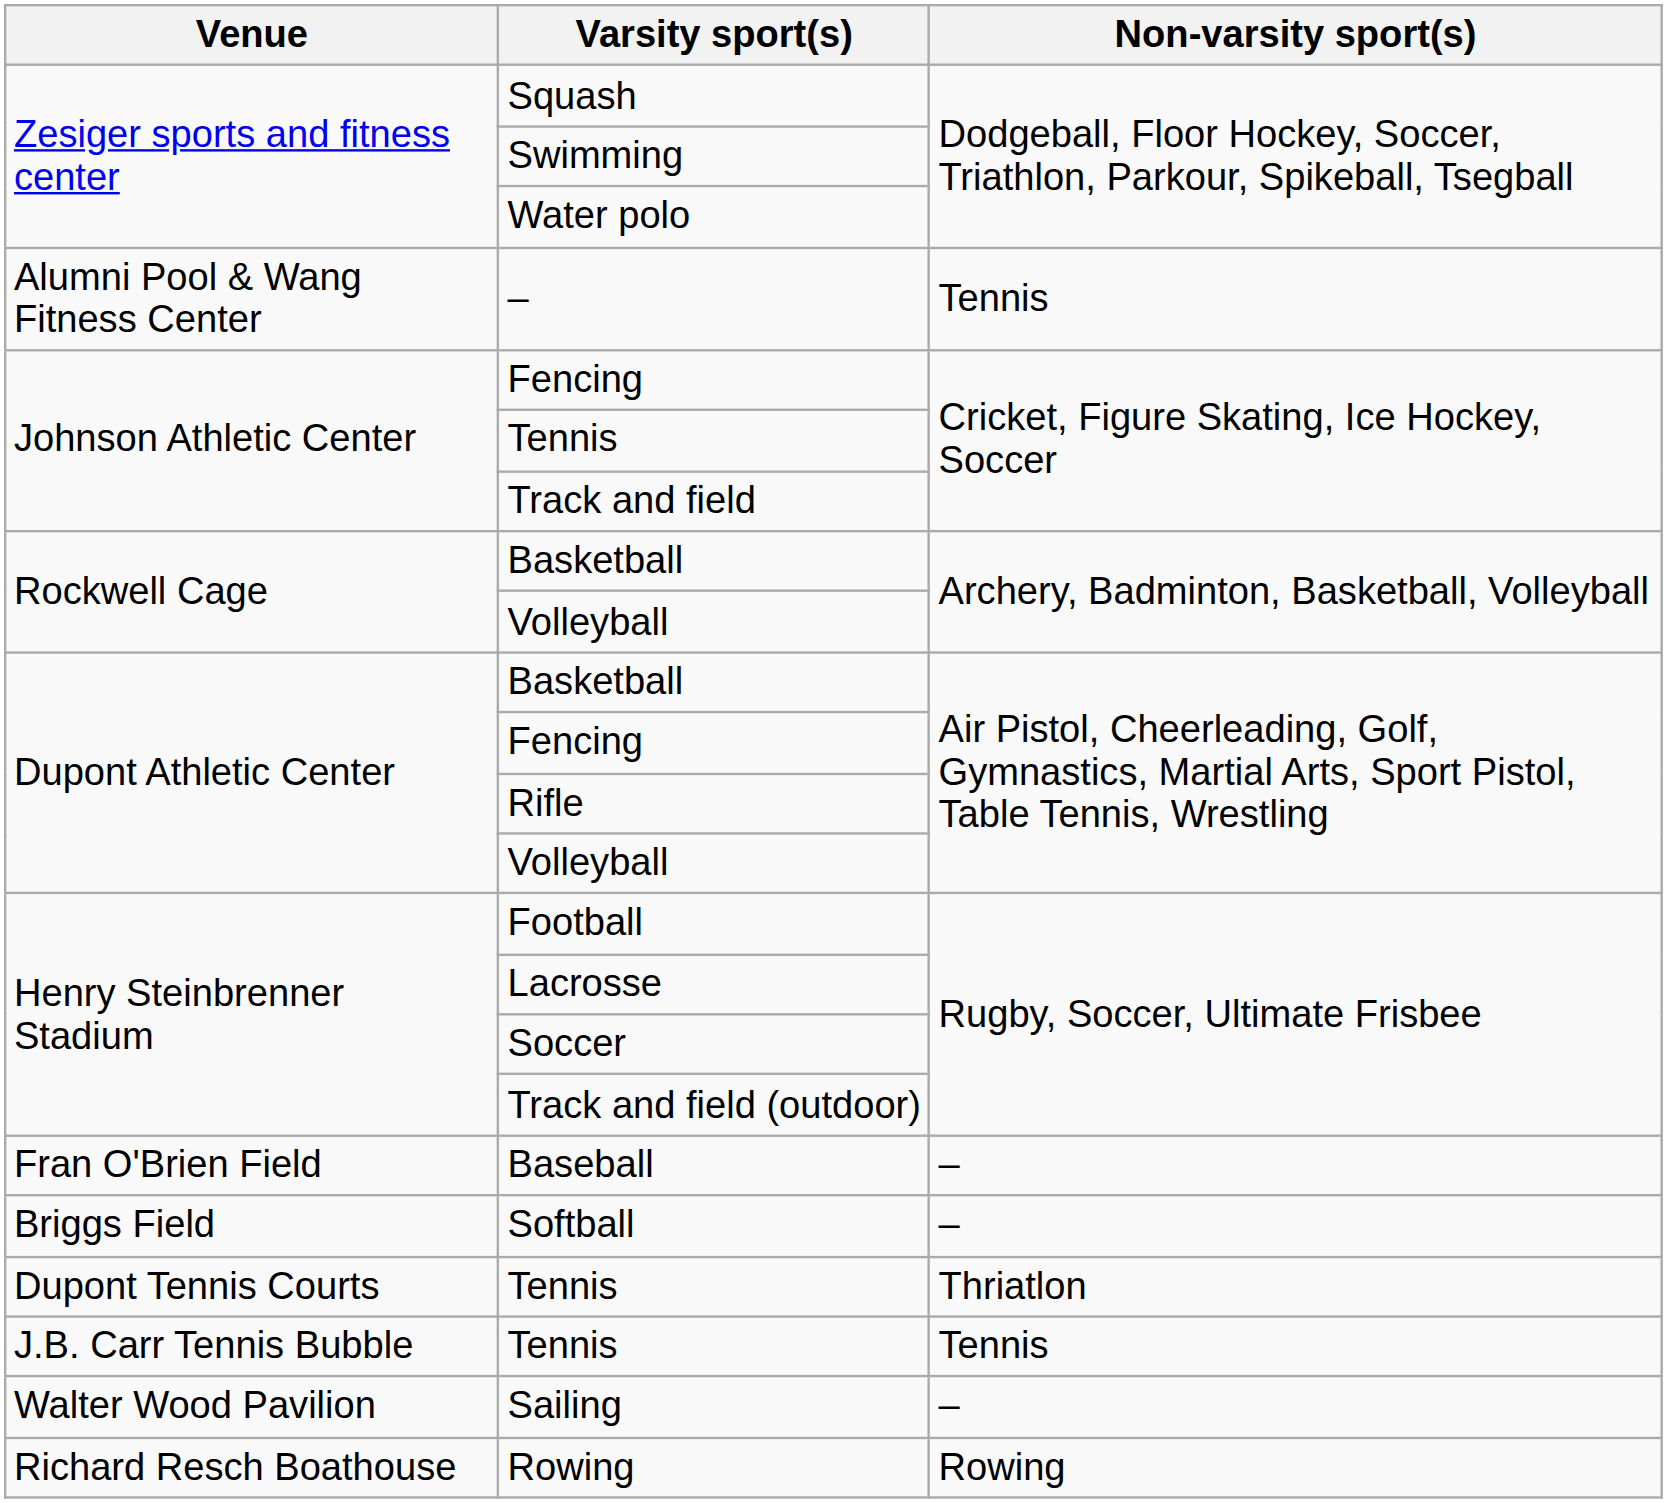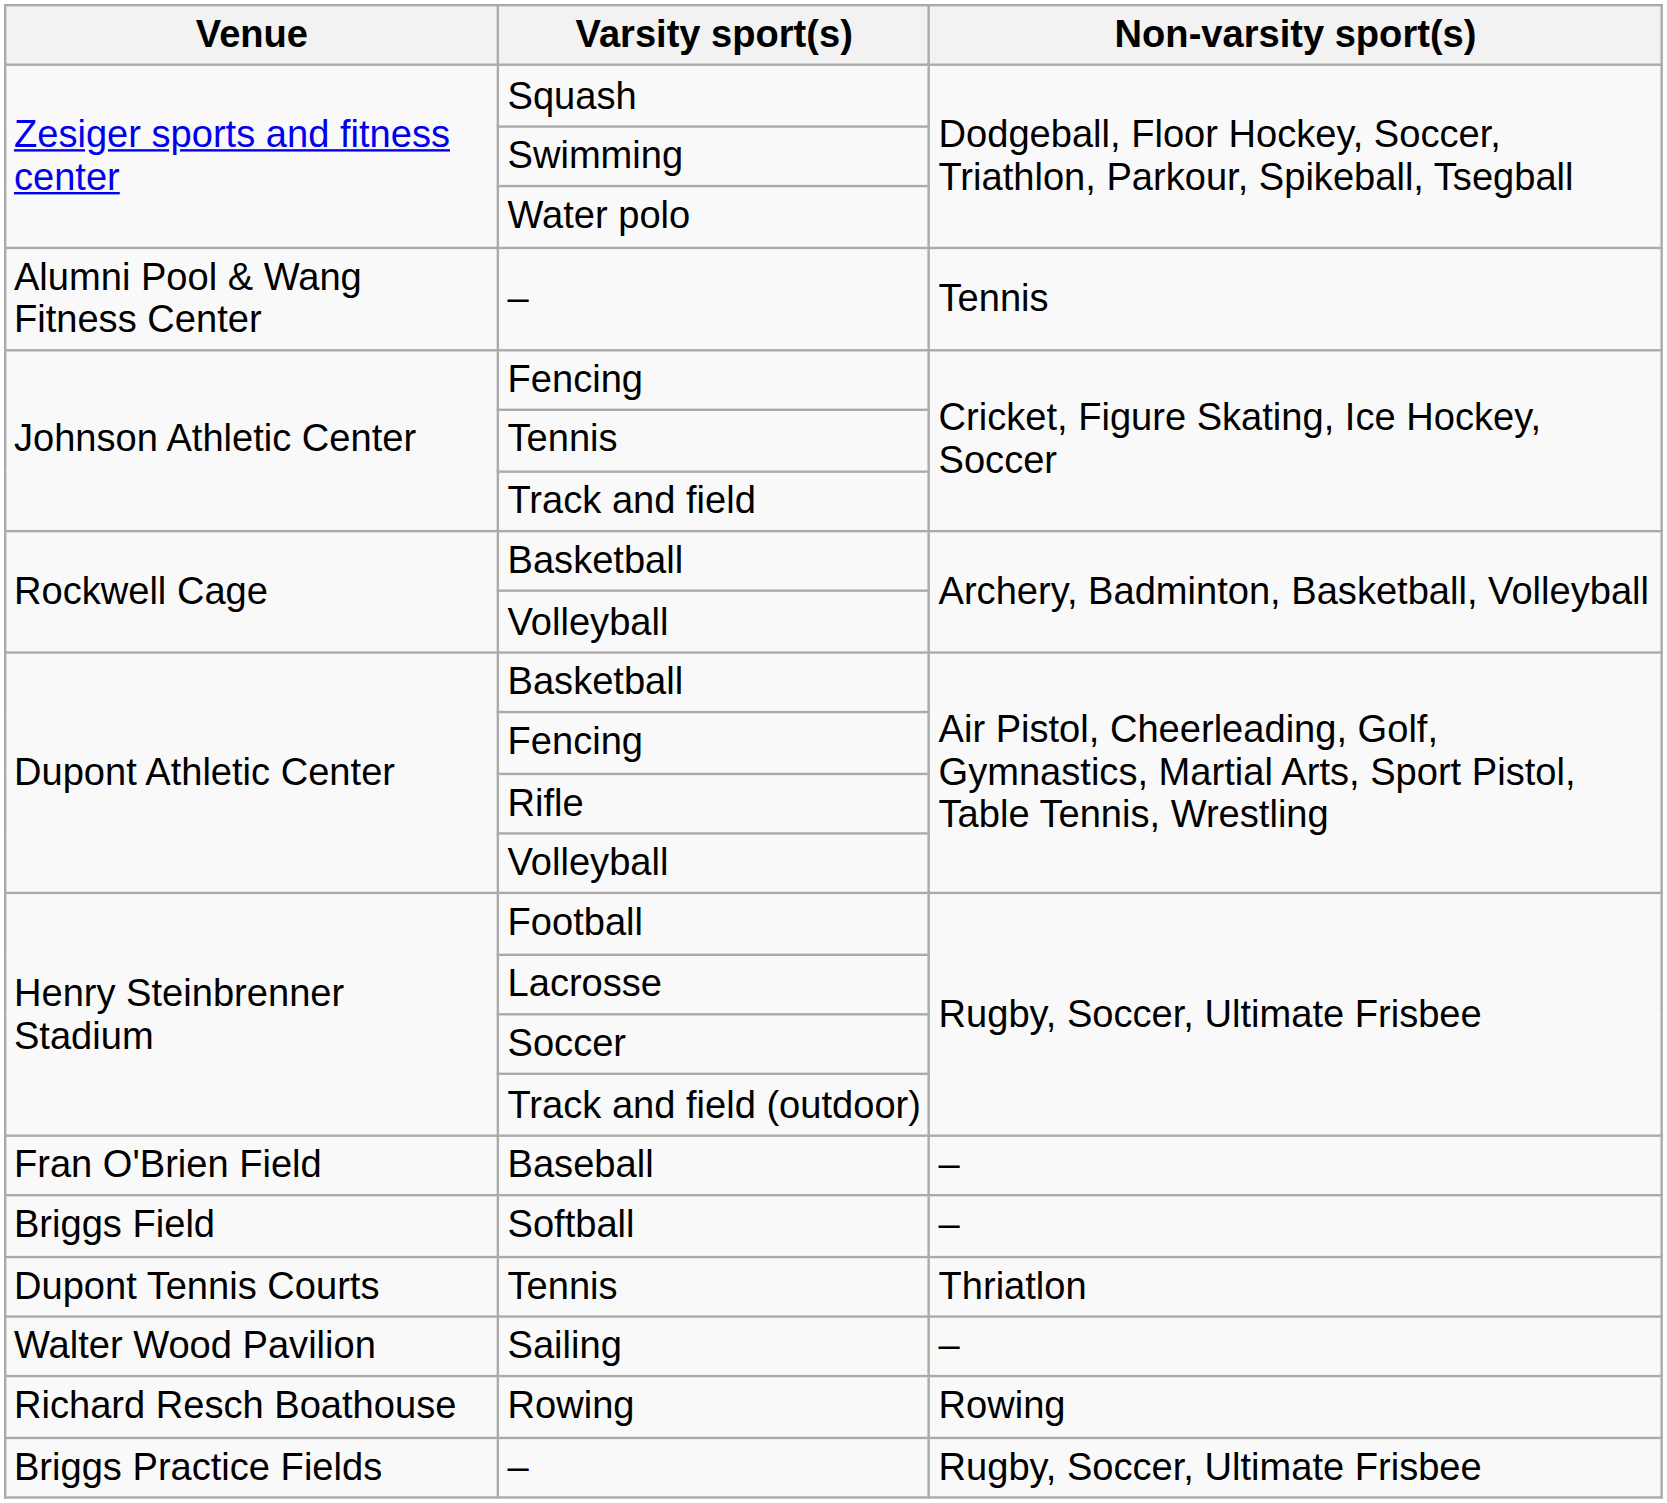 <table class="wikitable sortable"; style= "text-align: ">
 <tr>
 <th width=200px>Venue</th>
 <th width=px>Varsity sport(s)</th>
 <th width=300px>Non-varsity sport(s)</th>
 </tr>
 <tr>
 <td rowspan=3><a href='#'>Zesiger sports and fitness center</a></td>
 <td>Squash</td>
 <td rowspan=3>Dodgeball, Floor Hockey, Soccer, Triathlon, Parkour, Spikeball, Tsegball</td>
 </tr>
 <tr>
 <td>Swimming</td>
 </tr>
 <tr>
 <td>Water polo</td>
 </tr>
 <tr>
 <td>Alumni Pool & Wang Fitness Center</td>
 <td>–</td>
 <td>Tennis</td>
 </tr>
 <tr>
 <td rowspan=3>Johnson Athletic Center</td>
 <td>Fencing</td>
 <td rowspan=3>Cricket, Figure Skating, Ice Hockey, Soccer</td>
 </tr>
 <tr>
 <td>Tennis</td>
 </tr>
 <tr>
 <td>Track and field</td>
 </tr>
 <tr>
 <td rowspan=2>Rockwell Cage</td>
 <td>Basketball</td>
 <td rowspan=2>Archery, Badminton, Basketball, Volleyball</td>
 </tr>
 <tr>
 <td>Volleyball</td>
 </tr>
 <tr>
 <td rowspan=4>Dupont Athletic Center</td>
 <td>Basketball</td>
 <td rowspan=4>Air Pistol, Cheerleading, Golf, Gymnastics, Martial Arts, Sport Pistol, Table Tennis, Wrestling</td>
 </tr>
 <tr>
 <td>Fencing</td>
 </tr>
 <tr>
 <td>Rifle</td>
 </tr>
 <tr>
 <td>Volleyball</td>
 </tr>
 <tr>
 <td rowspan=4>Henry Steinbrenner Stadium</td>
 <td>Football</td>
 <td rowspan=4>Rugby, Soccer, Ultimate Frisbee</td>
 </tr>
 <tr>
 <td>Lacrosse</td>
 </tr>
 <tr>
 <td>Soccer</td>
 </tr>
 <tr>
 <td>Track and field (outdoor)</td>
 </tr>
 <tr>
 <td>Fran O'Brien Field</td>
 <td>Baseball</td>
 <td>–</td>
 </tr>
 <tr>
 <td>Briggs Field</td>
 <td>Softball</td>
 <td>–</td>
 </tr>
 <tr>
 <td>Dupont Tennis Courts</td>
 <td>Tennis</td>
 <td>Thriatlon</td>
 </tr>
 <tr>
-<td>J.B. Carr Tennis Bubble</td>
-<td>Tennis</td>
-<td>Tennis</td>
-</tr>
-<tr>
 <td>Walter Wood Pavilion</td>
 <td>Sailing</td>
 <td>–</td>
 </tr>
 <tr>
 <td>Richard Resch Boathouse</td>
 <td>Rowing</td>
 <td>Rowing</td>
 </tr>
+<tr>
+<td>Briggs Practice Fields</td>
+<td>–</td>
+<td>Rugby, Soccer, Ultimate Frisbee</td>
+</tr>
 </table>
